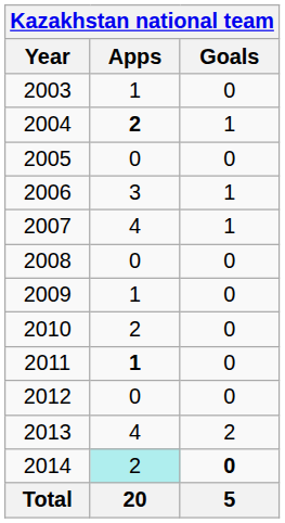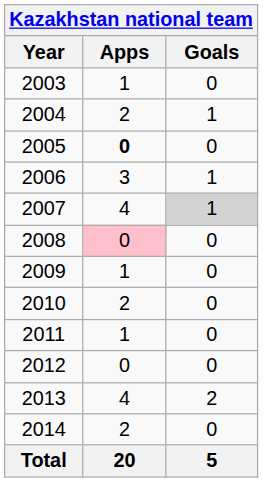 <table class="wikitable" style="text-align:center">
 <tr>
 <th colspan=3><a href='#'>Kazakhstan national team</a></th>
 </tr>
 <tr>
 <th>Year</th>
 <th>Apps</th>
 <th>Goals</th>
 </tr>
 <tr>
 <td>2003</td>
 <td>1</td>
 <td>0</td>
 </tr>
 <tr>
 <td>2004</td>
-<td><strong>2</strong></td>
+<td>2</td>
 <td>1</td>
 </tr>
 <tr>
 <td>2005</td>
-<td>0</td>
+<td><strong>0</strong></td>
 <td>0</td>
 </tr>
 <tr>
 <td>2006</td>
 <td>3</td>
 <td>1</td>
 </tr>
 <tr>
 <td>2007</td>
 <td>4</td>
-<td>1</td>
+<td style="background: lightgrey;">1</td>
 </tr>
 <tr>
 <td>2008</td>
-<td>0</td>
+<td style="background: pink;">0</td>
 <td>0</td>
 </tr>
 <tr>
 <td>2009</td>
 <td>1</td>
 <td>0</td>
 </tr>
 <tr>
 <td>2010</td>
 <td>2</td>
 <td>0</td>
 </tr>
 <tr>
 <td>2011</td>
-<td><strong>1</strong></td>
+<td>1</td>
 <td>0</td>
 </tr>
 <tr>
 <td>2012</td>
 <td>0</td>
 <td>0</td>
 </tr>
 <tr>
 <td>2013</td>
 <td>4</td>
 <td>2</td>
 </tr>
 <tr>
 <td>2014</td>
-<td style="background: paleturquoise;">2</td>
-<td><strong>0</strong></td>
+<td>2</td>
+<td>0</td>
 </tr>
 <tr>
 <th>Total</th>
 <th>20</th>
 <th>5</th>
 </tr>
 </table>
